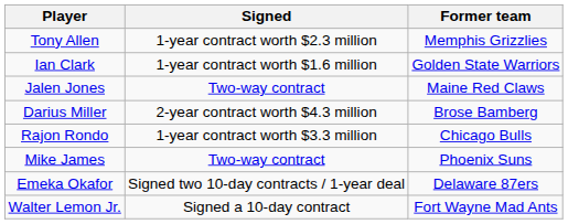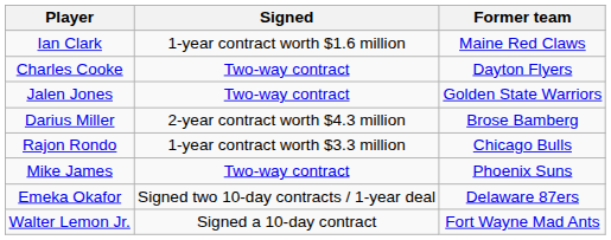 <table class="wikitable sortable sortable" style="text-align: center">
 <tr>
 <th>Player</th>
 <th>Signed</th>
 <th>Former team</th>
 </tr>
 <tr style="text-align: center">
-<td><a href='#'>Tony Allen</a></td>
-<td>1-year contract worth $2.3 million</td>
-<td><a href='#'>Memphis Grizzlies</a></td>
+<td><a href='#'>Ian Clark</a></td>
+<td>1-year contract worth $1.6 million</td>
+<td><a href='#'>Maine Red Claws</a></td>
 </tr>
 <tr style="text-align: center">
-<td><a href='#'>Ian Clark</a></td>
-<td>1-year contract worth $1.6 million</td>
-<td><a href='#'>Golden State Warriors</a></td>
+<td><a href='#'>Charles Cooke</a></td>
+<td><a href='#'>Two-way contract</a></td>
+<td><a href='#'>Dayton Flyers</a></td>
 </tr>
 <tr style="text-align: center">
 <td><a href='#'>Jalen Jones</a></td>
 <td><a href='#'>Two-way contract</a></td>
-<td><a href='#'>Maine Red Claws</a></td>
+<td><a href='#'>Golden State Warriors</a></td>
 </tr>
 <tr style="text-align: center">
 <td><a href='#'>Darius Miller</a></td>
 <td>2-year contract worth $4.3 million</td>
 <td> <a href='#'>Brose Bamberg</a></td>
 </tr>
 <tr style="text-align: center">
 <td><a href='#'>Rajon Rondo</a></td>
 <td>1-year contract worth $3.3 million</td>
 <td><a href='#'>Chicago Bulls</a></td>
 </tr>
 <tr style="text-align: center">
 <td><a href='#'>Mike James</a></td>
 <td><a href='#'>Two-way contract</a></td>
 <td><a href='#'>Phoenix Suns</a></td>
 </tr>
 <tr style="text-align: center">
 <td><a href='#'>Emeka Okafor</a></td>
 <td>Signed two 10-day contracts / 1-year deal</td>
 <td><a href='#'>Delaware 87ers</a></td>
 </tr>
 <tr style="text-align: center">
 <td><a href='#'>Walter Lemon Jr.</a></td>
 <td>Signed a 10-day contract</td>
 <td><a href='#'>Fort Wayne Mad Ants</a></td>
 </tr>
 </table>
